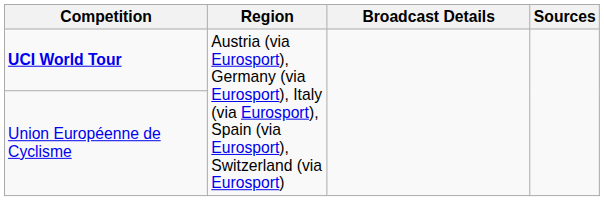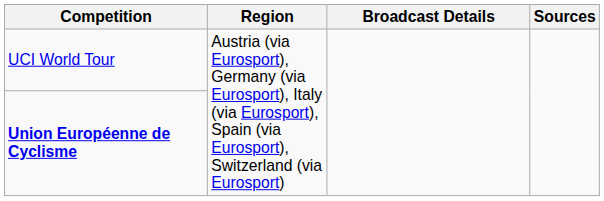 <table class="wikitable">
 <tr>
 <th width="200">Competition</th>
 <th>Region</th>
 <th width="200">Broadcast Details</th>
 <th>Sources</th>
 </tr>
 <tr>
-<td><strong><a href='#'>UCI World Tour</a></strong></td>
+<td><a href='#'>UCI World Tour</a></td>
 <td rowspan="2">Austria (via <a href='#'>Eurosport</a>), Germany (via <a href='#'>Eurosport</a>), Italy (via <a href='#'>Eurosport</a>), Spain (via <a href='#'>Eurosport</a>), Switzerland (via <a href='#'>Eurosport</a>)</td>
 <td rowspan="2"></td>
 </tr>
 <tr>
-<td><a href='#'>Union Européenne de Cyclisme</a></td>
+<td><strong><a href='#'>Union Européenne de Cyclisme</a></strong></td>
 </tr>
 </table>
